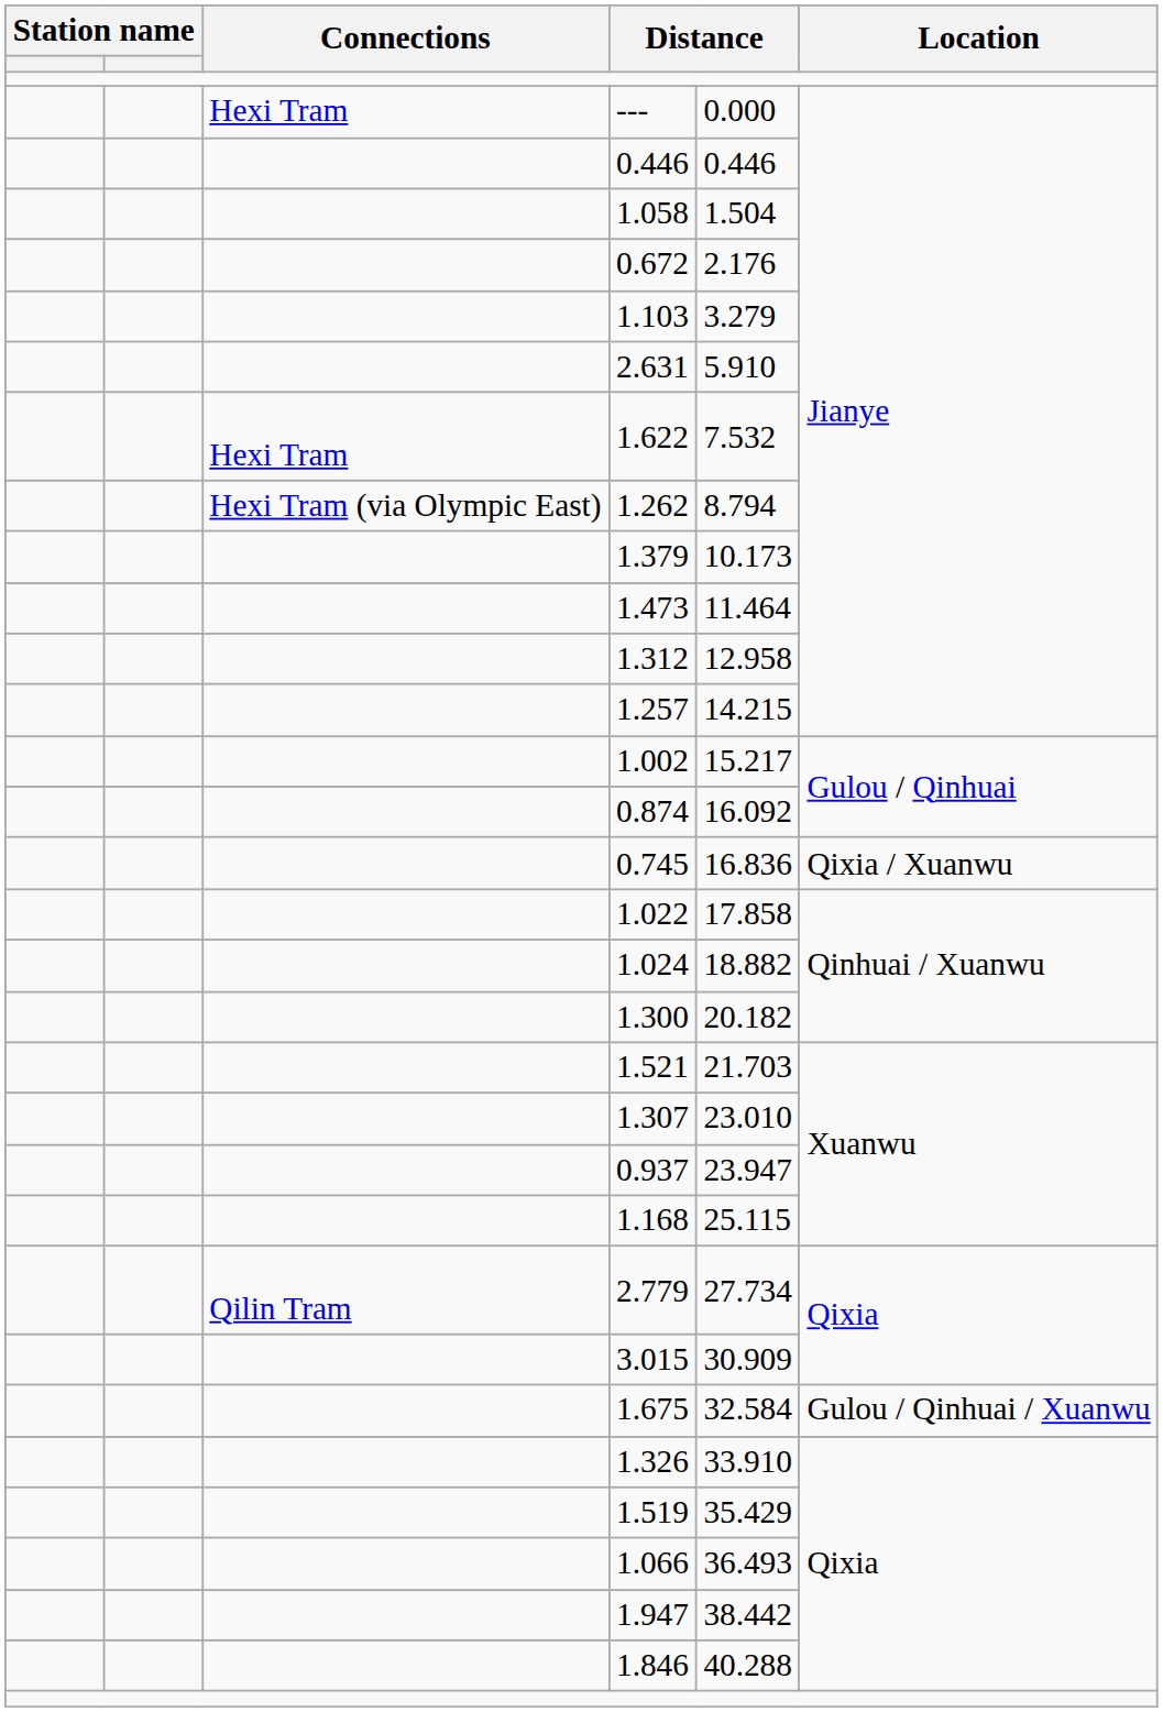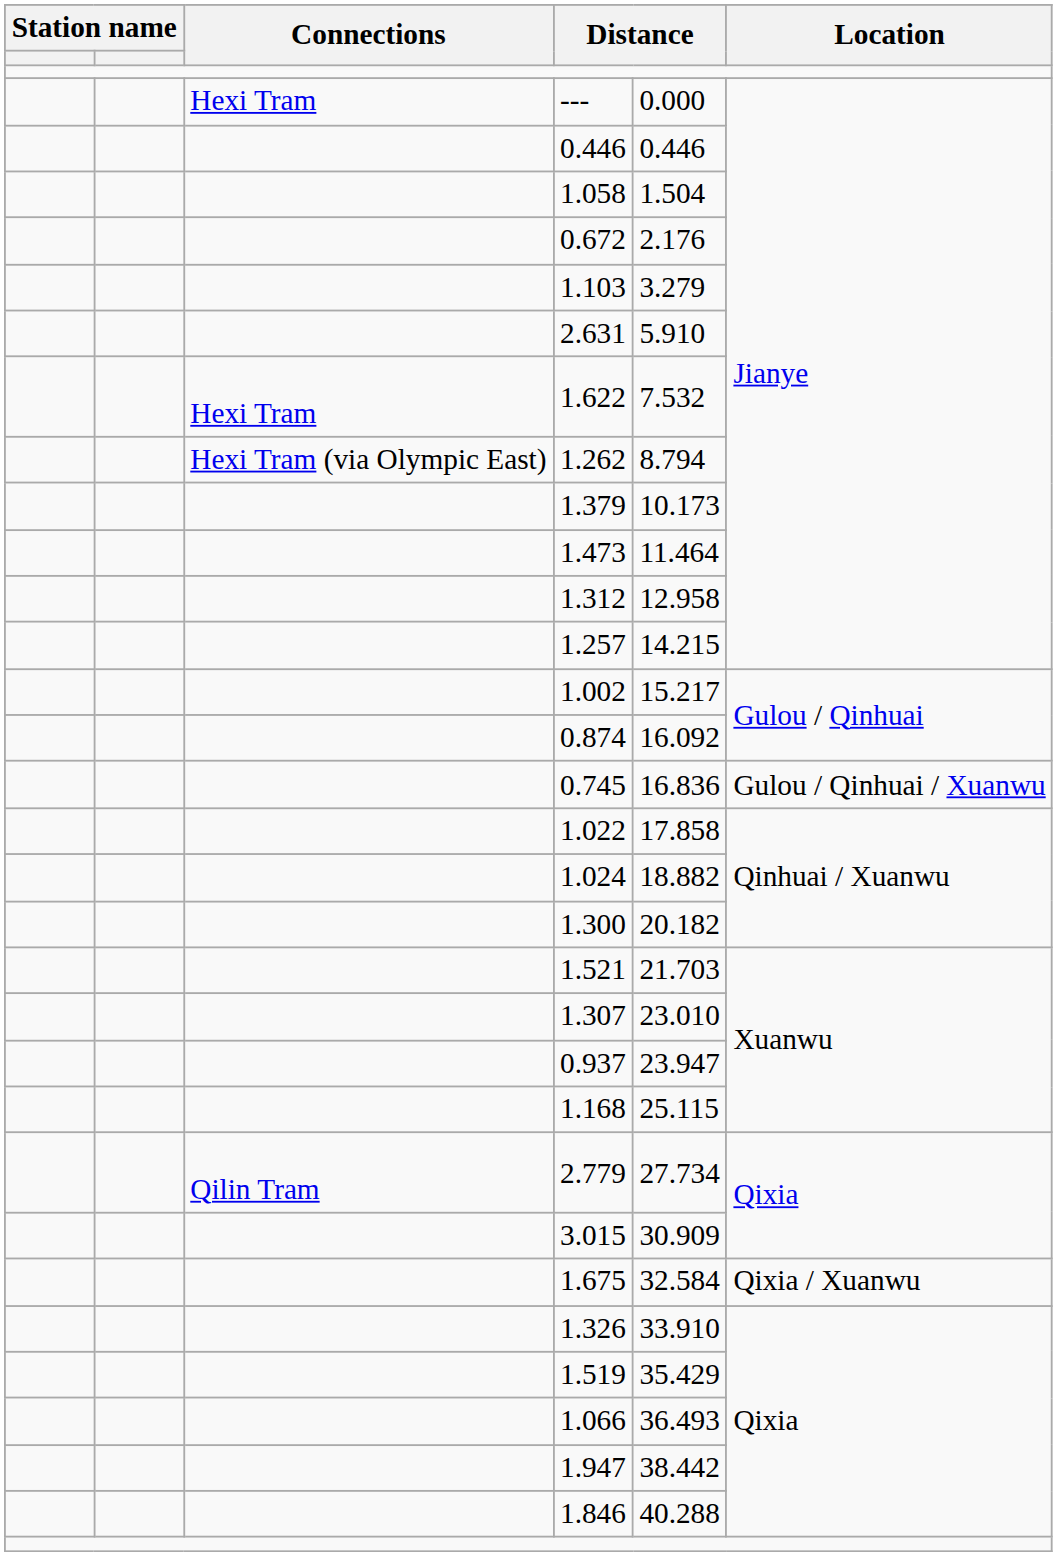 <table class="wikitable">
 <tr>
 <th colspan="2">Station name</th>
 <th rowspan="2">Connections</th>
 <th colspan="2" rowspan="2">Distance<br></th>
 <th rowspan="2">Location</th>
 </tr>
 <tr>
 <th></th>
 <th></th>
 </tr>
 <tr style="background:#">
 <td colspan = "7"></td>
 </tr>
 <tr>
 <td></td>
 <td></td>
 <td> <a href='#'>Hexi Tram</a> </td>
 <td>---</td>
 <td>0.000</td>
 <td rowspan="12"><a href='#'>Jianye</a></td>
 </tr>
 <tr>
 <td></td>
 <td></td>
 <td></td>
 <td>0.446</td>
 <td>0.446</td>
 </tr>
 <tr>
 <td></td>
 <td></td>
 <td></td>
 <td>1.058</td>
 <td>1.504</td>
 </tr>
 <tr>
 <td></td>
 <td></td>
 <td></td>
 <td>0.672</td>
 <td>2.176</td>
 </tr>
 <tr>
 <td></td>
 <td></td>
 <td> </td>
 <td>1.103</td>
 <td>3.279</td>
 </tr>
 <tr>
 <td></td>
 <td></td>
 <td></td>
 <td>2.631</td>
 <td>5.910</td>
 </tr>
 <tr>
 <td></td>
 <td></td>
 <td><br> <a href='#'>Hexi Tram</a></td>
 <td>1.622</td>
 <td>7.532</td>
 </tr>
 <tr>
 <td></td>
 <td></td>
 <td> <a href='#'>Hexi Tram</a> (via Olympic East)</td>
 <td>1.262</td>
 <td>8.794</td>
 </tr>
 <tr>
 <td></td>
 <td></td>
 <td></td>
 <td>1.379</td>
 <td>10.173</td>
 </tr>
 <tr>
 <td></td>
 <td></td>
 <td></td>
 <td>1.473</td>
 <td>11.464</td>
 </tr>
 <tr>
 <td></td>
 <td></td>
 <td></td>
 <td>1.312</td>
 <td>12.958</td>
 </tr>
 <tr>
 <td></td>
 <td></td>
 <td></td>
 <td>1.257</td>
 <td>14.215</td>
 </tr>
 <tr>
 <td></td>
 <td></td>
 <td></td>
 <td>1.002</td>
 <td>15.217</td>
 <td rowspan="2"><a href='#'>Gulou</a> / <a href='#'>Qinhuai</a></td>
 </tr>
 <tr>
 <td></td>
 <td></td>
 <td></td>
 <td>0.874</td>
 <td>16.092</td>
 </tr>
 <tr>
 <td></td>
 <td></td>
 <td></td>
 <td>0.745</td>
 <td>16.836</td>
-<td>Qixia / Xuanwu</td>
+<td>Gulou / Qinhuai / <a href='#'>Xuanwu</a></td>
 </tr>
 <tr>
 <td></td>
 <td></td>
 <td></td>
 <td>1.022</td>
 <td>17.858</td>
 <td rowspan="3">Qinhuai / Xuanwu</td>
 </tr>
 <tr>
 <td></td>
 <td></td>
 <td></td>
 <td>1.024</td>
 <td>18.882</td>
 </tr>
 <tr>
 <td></td>
 <td></td>
 <td> </td>
 <td>1.300</td>
 <td>20.182</td>
 </tr>
 <tr>
 <td></td>
 <td></td>
 <td></td>
 <td>1.521</td>
 <td>21.703</td>
 <td rowspan="4">Xuanwu</td>
 </tr>
 <tr>
 <td></td>
 <td></td>
 <td></td>
 <td>1.307</td>
 <td>23.010</td>
 </tr>
 <tr>
 <td></td>
 <td></td>
 <td></td>
 <td>0.937</td>
 <td>23.947</td>
 </tr>
 <tr>
 <td></td>
 <td></td>
 <td></td>
 <td>1.168</td>
 <td>25.115</td>
 </tr>
 <tr>
 <td></td>
 <td></td>
 <td> <br> <a href='#'>Qilin Tram</a></td>
 <td>2.779</td>
 <td>27.734</td>
 <td rowspan="2"><a href='#'>Qixia</a></td>
 </tr>
 <tr>
 <td></td>
 <td></td>
 <td></td>
 <td>3.015</td>
 <td>30.909</td>
 </tr>
 <tr>
 <td></td>
 <td></td>
 <td></td>
 <td>1.675</td>
 <td>32.584</td>
-<td>Gulou / Qinhuai / <a href='#'>Xuanwu</a></td>
+<td>Qixia / Xuanwu</td>
 </tr>
 <tr>
 <td></td>
 <td></td>
 <td></td>
 <td>1.326</td>
 <td>33.910</td>
 <td rowspan="5">Qixia</td>
 </tr>
 <tr>
 <td></td>
 <td></td>
 <td></td>
 <td>1.519</td>
 <td>35.429</td>
 </tr>
 <tr>
 <td></td>
 <td></td>
 <td></td>
 <td>1.066</td>
 <td>36.493</td>
 </tr>
 <tr>
 <td></td>
 <td></td>
 <td></td>
 <td>1.947</td>
 <td>38.442</td>
 </tr>
 <tr>
 <td></td>
 <td></td>
 <td></td>
 <td>1.846</td>
 <td>40.288</td>
 </tr>
 <tr style="background:#">
 <td colspan = "7"></td>
 </tr>
 </table>
